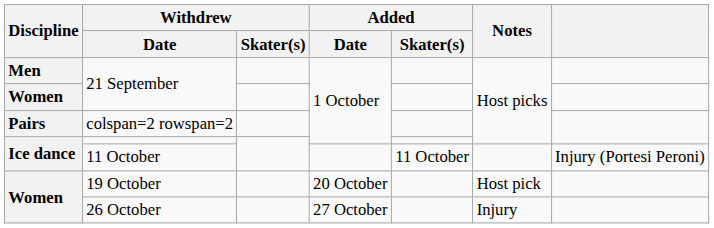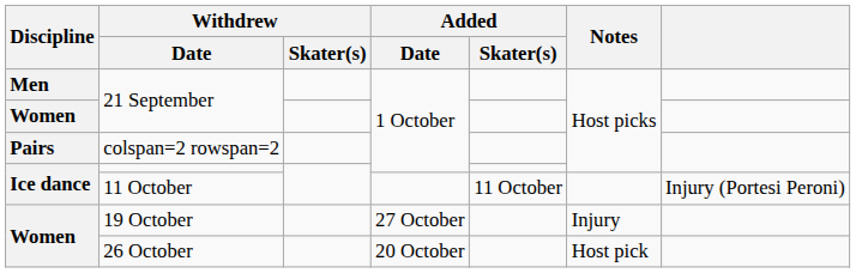 <table class="wikitable unsortable">
 <tr>
 <th scope="col" rowspan=2>Discipline</th>
 <th scope="col" colspan=2>Withdrew</th>
 <th scope="col" colspan=2>Added</th>
 <th scope="col" rowspan=2>Notes</th>
 <th scope="col" rowspan=2></th>
 </tr>
 <tr>
 <th>Date</th>
 <th>Skater(s)</th>
 <th>Date</th>
 <th>Skater(s)</th>
 </tr>
 <tr>
 <th scope="row" style="text-align:left">Men</th>
 <td rowspan=2>21 September</td>
 <td></td>
 <td rowspan=4>1 October</td>
 <td></td>
 <td rowspan=4>Host picks</td>
 <td></td>
 </tr>
 <tr>
 <th scope="row" style="text-align:left">Women</th>
 <td></td>
 <td></td>
 <td></td>
 </tr>
 <tr>
 <th scope="row" style="text-align:left">Pairs</th>
 <td>colspan=2 rowspan=2 </td>
 <td></td>
 <td></td>
 </tr>
 <tr>
 <th scope="row" style="text-align:left" rowspan=2>Ice dance</th>
 <td></td>
 <td rowspan=2></td>
 </tr>
 <tr>
 <td>11 October</td>
 <td></td>
 <td>11 October</td>
 <td></td>
 <td>Injury (Portesi Peroni)</td>
 </tr>
 <tr>
 <th scope="row" style="text-align:left" rowspan=2>Women</th>
 <td>19 October</td>
 <td></td>
+<td>27 October</td>
+<td></td>
+<td>Injury</td>
+<td></td>
+</tr>
+<tr>
+<td>26 October</td>
+<td></td>
 <td>20 October</td>
 <td></td>
 <td>Host pick</td>
 <td></td>
 </tr>
-<tr>
-<td>26 October</td>
-<td></td>
-<td>27 October</td>
-<td></td>
-<td>Injury</td>
-<td></td>
-</tr>
 </table>
